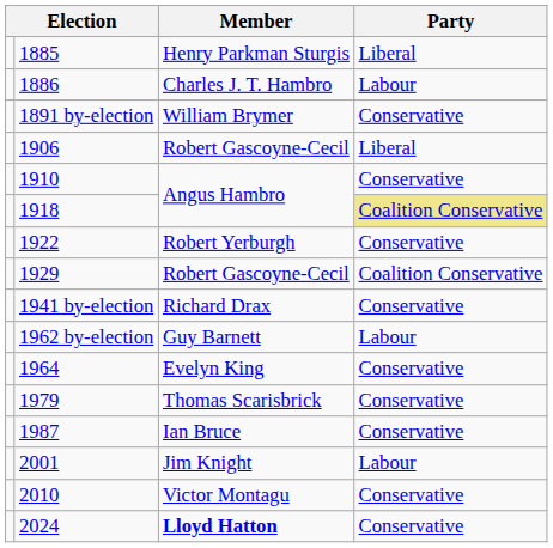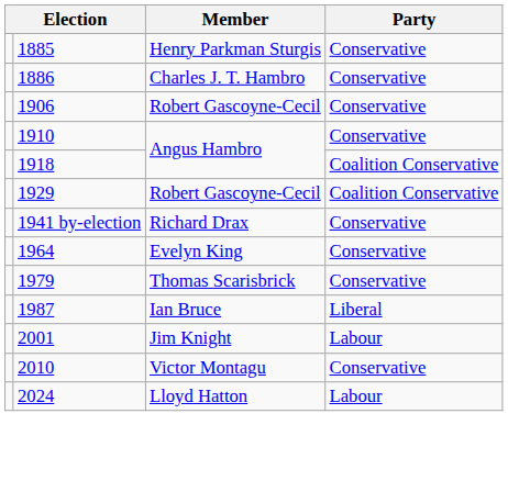 <table class="wikitable">
 <tr>
 <th colspan="2">Election</th>
 <th>Member</th>
 <th>Party</th>
 </tr>
 <tr>
 <td style="color:inherit;background-color: "></td>
 <td><a href='#'>1885</a></td>
 <td><a href='#'>Henry Parkman Sturgis</a></td>
-<td><a href='#'>Liberal</a></td>
+<td><a href='#'>Conservative</a></td>
 </tr>
 <tr>
 <td style="color:inherit;background-color: "></td>
 <td><a href='#'>1886</a></td>
 <td><a href='#'>Charles J. T. Hambro</a></td>
-<td><a href='#'>Labour</a></td>
-</tr>
-<tr>
-<td style="color:inherit;background-color: "></td>
-<td><a href='#'>1891 by-election</a> </td>
-<td><a href='#'>William Brymer</a></td>
 <td><a href='#'>Conservative</a></td>
 </tr>
 <tr>
 <td style="color:inherit;background-color: "></td>
 <td><a href='#'>1906</a></td>
 <td><a href='#'>Robert Gascoyne-Cecil</a></td>
-<td><a href='#'>Liberal</a></td>
+<td><a href='#'>Conservative</a></td>
 </tr>
 <tr>
 <td style="color:inherit;background-color: "></td>
 <td><a href='#'>1910</a></td>
 <td rowspan="2"><a href='#'>Angus Hambro</a></td>
 <td><a href='#'>Conservative</a></td>
 </tr>
 <tr>
 <td style="color:inherit;background-color: "></td>
 <td><a href='#'>1918</a></td>
-<td style="background: khaki;"><a href='#'>Coalition Conservative</a></td>
-</tr>
-<tr>
-<td style="color:inherit;background-color: "></td>
-<td><a href='#'>1922</a></td>
-<td><a href='#'>Robert Yerburgh</a></td>
-<td><a href='#'>Conservative</a></td>
+<td><a href='#'>Coalition Conservative</a></td>
 </tr>
 <tr>
 <td style="color:inherit;background-color: "></td>
 <td><a href='#'>1929</a></td>
 <td><a href='#'>Robert Gascoyne-Cecil</a></td>
 <td><a href='#'>Coalition Conservative</a></td>
 </tr>
 <tr>
 <td style="color:inherit;background-color: "></td>
 <td><a href='#'>1941 by-election</a> </td>
 <td><a href='#'>Richard Drax</a></td>
 <td><a href='#'>Conservative</a></td>
-</tr>
-<tr>
-<td style="color:inherit;background-color: "></td>
-<td><a href='#'>1962 by-election</a> </td>
-<td><a href='#'>Guy Barnett</a></td>
-<td><a href='#'>Labour</a></td>
 </tr>
 <tr>
 <td style="color:inherit;background-color: "></td>
 <td><a href='#'>1964</a></td>
 <td><a href='#'>Evelyn King</a></td>
 <td><a href='#'>Conservative</a></td>
 </tr>
 <tr>
 <td style="color:inherit;background-color: "></td>
 <td><a href='#'>1979</a></td>
 <td><a href='#'>Thomas Scarisbrick</a></td>
 <td><a href='#'>Conservative</a></td>
 </tr>
 <tr>
 <td style="color:inherit;background-color: "></td>
 <td><a href='#'>1987</a></td>
 <td><a href='#'>Ian Bruce</a></td>
-<td><a href='#'>Conservative</a></td>
+<td><a href='#'>Liberal</a></td>
 </tr>
 <tr>
 <td style="color:inherit;background-color: "></td>
 <td><a href='#'>2001</a></td>
 <td><a href='#'>Jim Knight</a></td>
 <td><a href='#'>Labour</a></td>
 </tr>
 <tr>
 <td style="color:inherit;background-color: "></td>
 <td><a href='#'>2010</a></td>
 <td><a href='#'>Victor Montagu</a></td>
 <td><a href='#'>Conservative</a></td>
 </tr>
 <tr>
 <td style="color:inherit;background-color: "></td>
 <td><a href='#'>2024</a></td>
-<td><strong><a href='#'>Lloyd Hatton</a></strong></td>
-<td><a href='#'>Conservative</a></td>
+<td><a href='#'>Lloyd Hatton</a></td>
+<td><a href='#'>Labour</a></td>
 </tr>
 </table>
